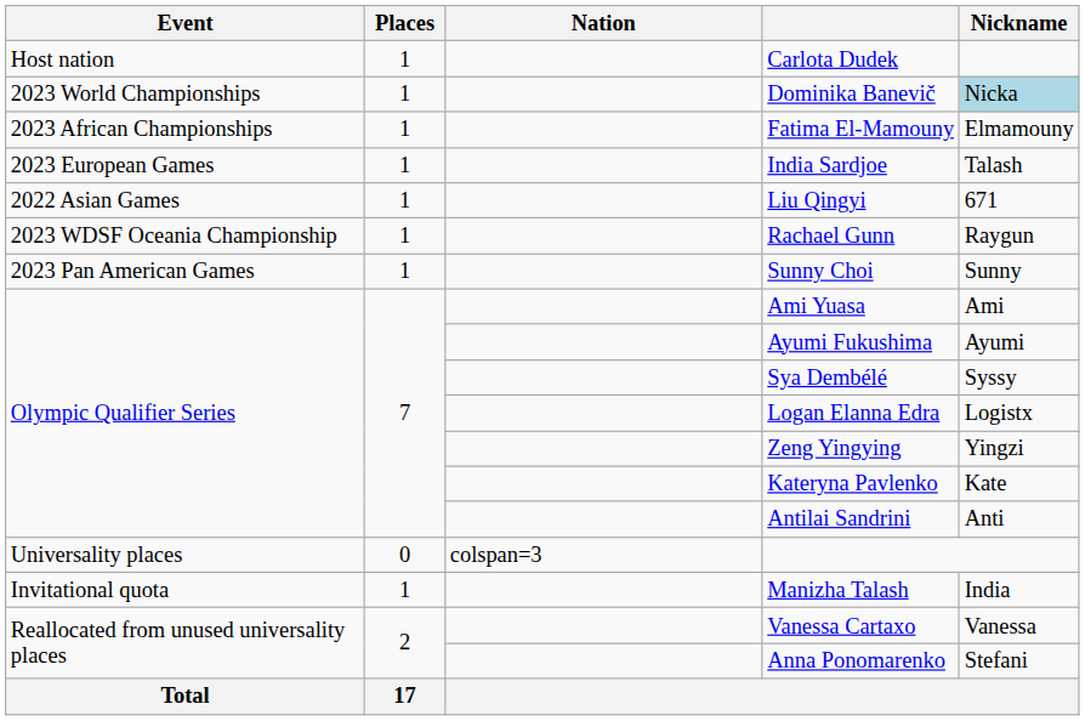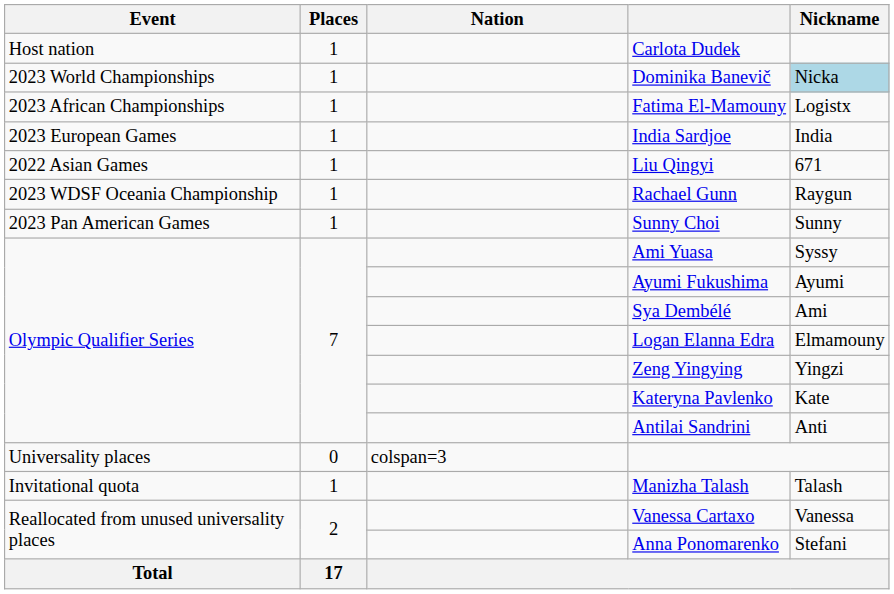 <table class="wikitable" style="text-align:left;" width=770>
 <tr>
 <th width=250>Event</th>
 <th width=50>Places</th>
 <th width=220>Nation</th>
 <th></th>
 <th>Nickname</th>
 </tr>
 <tr>
 <td>Host nation</td>
 <td align=center>1</td>
 <td></td>
 <td><a href='#'>Carlota Dudek</a></td>
 <td></td>
 </tr>
 <tr>
 <td>2023 World Championships</td>
 <td align=center>1</td>
 <td></td>
 <td><a href='#'>Dominika Banevič</a></td>
 <td style="background: lightblue;">Nicka</td>
 </tr>
 <tr>
 <td>2023 African Championships</td>
 <td align=center>1</td>
 <td></td>
 <td><a href='#'>Fatima El-Mamouny</a></td>
-<td>Elmamouny</td>
+<td>Logistx</td>
 </tr>
 <tr>
 <td>2023 European Games</td>
 <td align=center>1</td>
 <td></td>
 <td><a href='#'>India Sardjoe</a></td>
-<td>Talash</td>
+<td>India</td>
 </tr>
 <tr>
 <td>2022 Asian Games</td>
 <td align=center>1</td>
 <td></td>
 <td><a href='#'>Liu Qingyi</a></td>
 <td>671</td>
 </tr>
 <tr>
 <td>2023 WDSF Oceania Championship</td>
 <td align=center>1</td>
 <td></td>
 <td><a href='#'>Rachael Gunn</a></td>
 <td>Raygun</td>
 </tr>
 <tr>
 <td>2023 Pan American Games</td>
 <td align=center>1</td>
 <td></td>
 <td><a href='#'>Sunny Choi</a></td>
 <td>Sunny</td>
 </tr>
 <tr>
 <td rowspan=7><a href='#'>Olympic Qualifier Series</a></td>
 <td rowspan=7 align=center>7</td>
 <td></td>
 <td><a href='#'>Ami Yuasa</a></td>
-<td>Ami</td>
+<td>Syssy</td>
 </tr>
 <tr>
 <td></td>
 <td><a href='#'>Ayumi Fukushima</a></td>
 <td>Ayumi</td>
 </tr>
 <tr>
 <td></td>
 <td><a href='#'>Sya Dembélé</a></td>
-<td>Syssy</td>
+<td>Ami</td>
 </tr>
 <tr>
 <td></td>
 <td><a href='#'>Logan Elanna Edra</a></td>
-<td>Logistx</td>
+<td>Elmamouny</td>
 </tr>
 <tr>
 <td></td>
 <td><a href='#'>Zeng Yingying</a></td>
 <td>Yingzi</td>
 </tr>
 <tr>
 <td></td>
 <td><a href='#'>Kateryna Pavlenko</a></td>
 <td>Kate</td>
 </tr>
 <tr>
 <td></td>
 <td><a href='#'>Antilai Sandrini</a></td>
 <td>Anti</td>
 </tr>
 <tr>
 <td>Universality places</td>
 <td align=center>0</td>
 <td>colspan=3</td>
 </tr>
 <tr>
 <td>Invitational quota</td>
 <td align=center>1</td>
 <td></td>
 <td><a href='#'>Manizha Talash</a></td>
-<td>India</td>
+<td>Talash</td>
 </tr>
 <tr>
 <td rowspan=2>Reallocated from unused universality places</td>
 <td rowspan=2 align=center>2</td>
 <td></td>
 <td><a href='#'>Vanessa Cartaxo</a></td>
 <td>Vanessa</td>
 </tr>
 <tr>
 <td></td>
 <td><a href='#'>Anna Ponomarenko</a></td>
 <td>Stefani</td>
 </tr>
 <tr>
 <th>Total</th>
 <th>17</th>
 <th colspan=3></th>
 </tr>
 </table>
